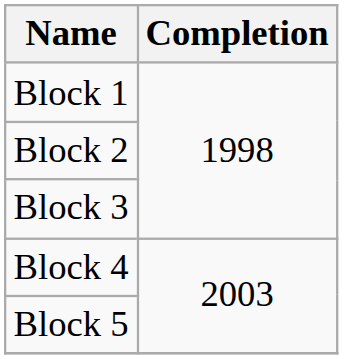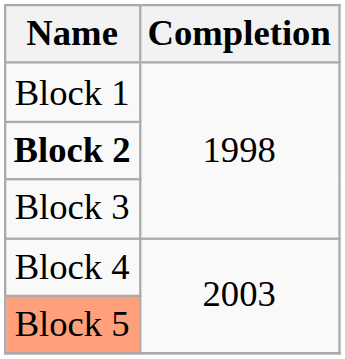 <table class="wikitable" style="text-align: center">
 <tr>
 <th>Name</th>
 <th>Completion</th>
 </tr>
 <tr>
 <td>Block 1</td>
 <td rowspan="3">1998</td>
 </tr>
 <tr>
-<td>Block 2</td>
+<td><strong>Block 2</strong></td>
 </tr>
 <tr>
 <td>Block 3</td>
 </tr>
 <tr>
 <td>Block 4</td>
 <td rowspan="2">2003</td>
 </tr>
 <tr>
-<td>Block 5</td>
+<td style="background: lightsalmon;">Block 5</td>
 </tr>
 <tr>
 </tr>
 </table>
